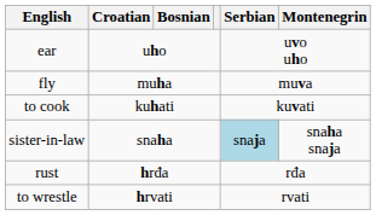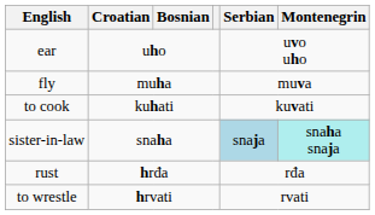 <table class="wikitable" style="text-align: center;">
 <tr>
 <th>English</th>
 <th>Croatian</th>
 <th>Bosnian</th>
 <th></th>
 <th>Serbian</th>
 <th>Montenegrin</th>
 </tr>
 <tr>
 <td>ear</td>
 <td colspan="3">u<strong>h</strong>o</td>
 <td colspan="2">u<strong>v</strong>o<br>u<strong>h</strong>o</td>
 </tr>
 <tr>
 <td>fly</td>
 <td colspan="3">mu<strong>h</strong>a</td>
 <td colspan="2">mu<strong>v</strong>a</td>
 </tr>
 <tr>
 <td>to cook</td>
 <td colspan="3">ku<strong>h</strong>ati</td>
 <td colspan="2">ku<strong>v</strong>ati</td>
 </tr>
 <tr>
 <td>sister-in-law</td>
 <td colspan="3">sna<strong>h</strong>a</td>
 <td style="background: lightblue;">sna<strong>j</strong>a</td>
-<td>sna<strong>h</strong>a<br>sna<strong>j</strong>a</td>
+<td style="background: paleturquoise;">sna<strong>h</strong>a<br>sna<strong>j</strong>a</td>
 </tr>
 <tr>
 <td>rust</td>
 <td colspan="3"><strong>h</strong>rđa</td>
 <td colspan="2">rđa</td>
 </tr>
 <tr>
 <td>to wrestle</td>
 <td colspan="3"><strong>h</strong>rvati</td>
 <td colspan="2">rvati</td>
 </tr>
 </table>
